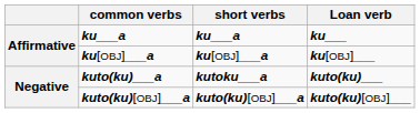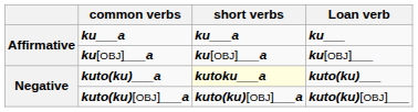 <table class="wikitable">
 <tr>
 <th></th>
 <th>common verbs</th>
 <th>short verbs</th>
 <th>Loan verb</th>
 </tr>
 <tr>
 <th rowspan="2">Affirmative</th>
 <td><strong><em>ku___a</em></strong></td>
 <td><strong><em>ku___a</em></strong></td>
 <td><strong><em>ku___</em></strong></td>
 </tr>
 <tr>
 <td><strong><em>ku</em></strong>[<small>OBJ</small>]<strong><em>___a</em></strong></td>
 <td><strong><em>ku</em></strong>[<small>OBJ</small>]<strong><em>___a</em></strong></td>
 <td><strong><em>ku</em></strong>[<small>OBJ</small>]<strong><em>___</em></strong></td>
 </tr>
 <tr>
 <th rowspan="2">Negative</th>
 <td><strong><em>kuto(ku)___a</em></strong></td>
-<td><strong><em>kutoku___a</em></strong></td>
+<td style="background: lightyellow;"><strong><em>kutoku___a</em></strong></td>
 <td><strong><em>kuto(ku)___</em></strong></td>
 </tr>
 <tr>
 <td><strong><em>kuto(ku)</em></strong>[<small>OBJ</small>]<strong><em>___a</em></strong></td>
 <td><strong><em>kuto(ku)</em></strong>[<small>OBJ</small>]<strong><em>___a</em></strong></td>
 <td><strong><em>kuto(ku)</em></strong>[<small>OBJ</small>]<strong><em>___</em></strong></td>
 </tr>
 </table>
